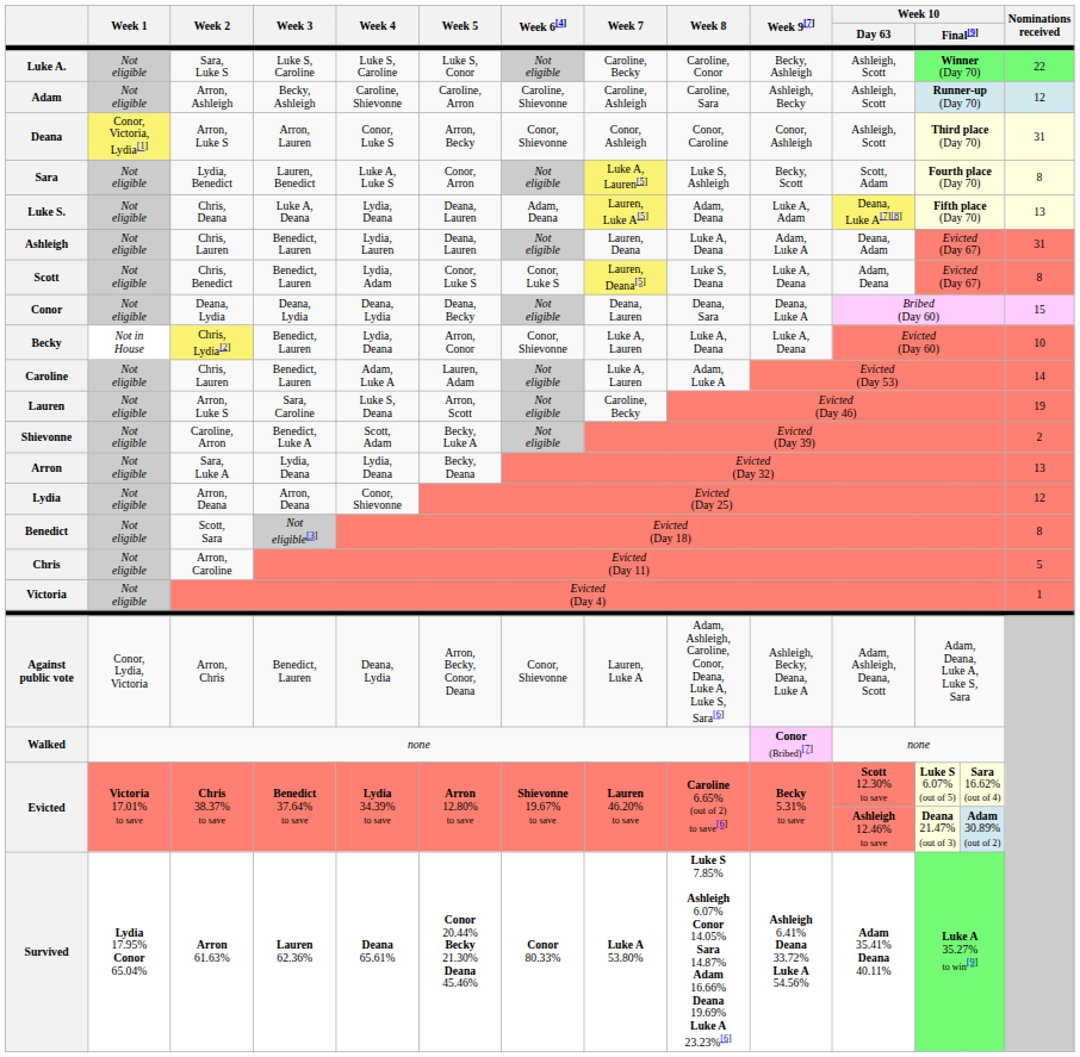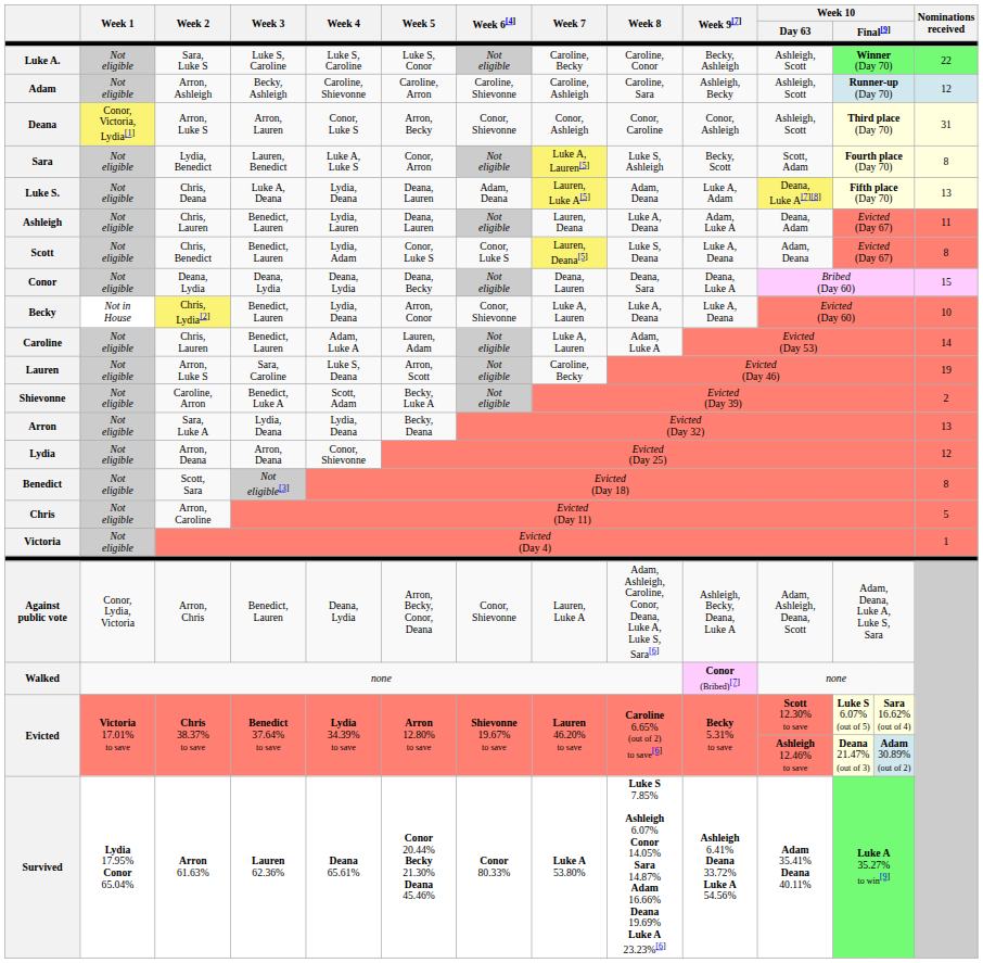 <table class="wikitable nowrap" style="text-align:center; width:100%; font-size:85%; line-height:15px;">
 <tr>
 <th style="width:7%" rowspan="2"></th>
 <th style="width:7%" rowspan="2">Week 1</th>
 <th style="width:7%" rowspan="2">Week 2</th>
 <th style="width:7%" rowspan="2">Week 3</th>
 <th style="width:7%" rowspan="2">Week 4</th>
 <th style="width:7%" rowspan="2">Week 5</th>
 <th style="width:7%" rowspan="2">Week 6<sup><a href='#'>[4</a>]</sup></th>
 <th style="width:7%" rowspan="2">Week 7</th>
 <th style="width:7%" rowspan="2">Week 8</th>
 <th style="width:7%" rowspan="2">Week 9<sup><a href='#'>[7</a>]</sup></th>
 <th style="width:7%" colspan="3">Week 10</th>
 <th style="width:1%" rowspan="2">Nominations<br>received</th>
 </tr>
 <tr>
 <th style="width:7%">Day 63</th>
 <th style="width:7%" colspan="2">Final<sup><a href='#'>[9</a>]</sup></th>
 </tr>
 <tr>
 <th style="background:#000" colspan="14"></th>
 </tr>
 <tr>
 <th>Luke A.</th>
 <td style="background:#ccc"><em>Not<br>eligible</em></td>
 <td>Sara,<br>Luke S</td>
 <td>Luke S,<br>Caroline</td>
 <td>Luke S,<br>Caroline</td>
 <td>Luke S,<br>Conor</td>
 <td style="background:#ccc"><em>Not<br>eligible</em></td>
 <td>Caroline,<br>Becky</td>
 <td>Caroline,<br>Conor</td>
 <td>Becky,<br>Ashleigh</td>
 <td>Ashleigh,<br>Scott</td>
 <td style="background:#73FB76" colspan="2"><strong>Winner</strong><br>(Day 70)</td>
 <td style="background:#73FB76">22</td>
 </tr>
 <tr>
 <th>Adam</th>
 <td style="background:#ccc"><em>Not<br>eligible</em></td>
 <td>Arron,<br>Ashleigh</td>
 <td>Becky,<br>Ashleigh</td>
 <td>Caroline,<br>Shievonne</td>
 <td>Caroline,<br>Arron</td>
 <td>Caroline,<br>Shievonne</td>
 <td>Caroline,<br>Ashleigh</td>
 <td>Caroline,<br>Sara</td>
 <td>Ashleigh,<br>Becky</td>
 <td>Ashleigh,<br>Scott</td>
 <td style="background:#D1E8EF" colspan="2"><strong>Runner-up</strong><br>(Day 70)</td>
 <td style="background:#D1E8EF">12</td>
 </tr>
 <tr>
 <th>Deana</th>
 <td style="background:#fbf373">Conor,<br>Victoria,<br>Lydia<sup><a href='#'>[1</a>]</sup></td>
 <td>Arron,<br>Luke S</td>
 <td>Arron,<br>Lauren</td>
 <td>Conor,<br>Luke S</td>
 <td>Arron,<br>Becky</td>
 <td>Conor,<br>Shievonne</td>
 <td>Conor,<br>Ashleigh</td>
 <td>Conor,<br>Caroline</td>
 <td>Conor,<br>Ashleigh</td>
 <td>Ashleigh,<br>Scott</td>
 <td style="background:#ffffdd" colspan="2"><strong>Third place</strong><br>(Day 70)</td>
 <td style="background:#ffffdd">31</td>
 </tr>
 <tr>
 <th>Sara</th>
 <td style="background:#ccc"><em>Not<br>eligible</em></td>
 <td>Lydia,<br>Benedict</td>
 <td>Lauren,<br>Benedict</td>
 <td>Luke A,<br>Luke S</td>
 <td>Conor,<br>Arron</td>
 <td style="background:#ccc"><em>Not<br>eligible</em></td>
 <td style="background:#FBF373">Luke A,<br>Lauren<sup><a href='#'>[5</a>]</sup></td>
 <td>Luke S,<br>Ashleigh</td>
 <td>Becky,<br>Scott</td>
 <td>Scott,<br>Adam</td>
 <td style="background:#ffffdd" colspan="2"><strong>Fourth place</strong><br>(Day 70)</td>
 <td style="background:#ffffdd">8</td>
 </tr>
 <tr>
 <th>Luke S.</th>
 <td style="background:#ccc"><em>Not<br>eligible</em></td>
 <td>Chris,<br>Deana</td>
 <td>Luke A,<br>Deana</td>
 <td>Lydia,<br>Deana</td>
 <td>Deana,<br>Lauren</td>
 <td>Adam,<br>Deana</td>
 <td style="background:#FBF373">Lauren,<br>Luke A<sup><a href='#'>[5</a>]</sup></td>
 <td>Adam,<br>Deana</td>
 <td>Luke A,<br>Adam</td>
 <td style="background:#FBF373">Deana,<br>Luke A<sup><a href='#'>[7</a>]<a href='#'>[8</a>]</sup></td>
 <td style="background:#ffffdd" colspan="2"><strong>Fifth place</strong><br>(Day 70)</td>
 <td style="background:#ffffdd">13</td>
 </tr>
 <tr>
 <th>Ashleigh</th>
 <td style="background:#ccc"><em>Not<br>eligible</em></td>
 <td>Chris,<br>Lauren</td>
 <td>Benedict,<br>Lauren</td>
 <td>Lydia,<br>Lauren</td>
 <td>Deana,<br>Lauren</td>
 <td style="background:#ccc"><em>Not<br>eligible</em></td>
 <td>Lauren,<br>Deana</td>
 <td>Luke A,<br>Deana</td>
 <td>Adam,<br>Luke A</td>
 <td>Deana,<br>Adam</td>
 <td style="background:#FF8072" colspan="2"><em>Evicted</em><br>(Day 67)</td>
-<td style="background:#FF8072">31</td>
+<td style="background:#FF8072">11</td>
 </tr>
 <tr>
 <th>Scott</th>
 <td style="background:#ccc"><em>Not<br>eligible</em></td>
 <td>Chris,<br>Benedict</td>
 <td>Benedict,<br>Lauren</td>
 <td>Lydia,<br>Adam</td>
 <td>Conor,<br>Luke S</td>
 <td>Conor,<br>Luke S</td>
 <td style="background:#FBF373">Lauren,<br>Deana<sup><a href='#'>[5</a>]</sup></td>
 <td>Luke S,<br>Deana</td>
 <td>Luke A,<br>Deana</td>
 <td>Adam,<br>Deana</td>
 <td style="background:#FF8072" colspan="2"><em>Evicted</em><br>(Day 67)</td>
 <td style="background:#FF8072">8</td>
 </tr>
 <tr>
 <th>Conor</th>
 <td style="background:#ccc"><em>Not<br>eligible</em></td>
 <td>Deana,<br>Lydia</td>
 <td>Deana,<br>Lydia</td>
 <td>Deana,<br>Lydia</td>
 <td>Deana,<br>Becky</td>
 <td style="background:#ccc"><em>Not<br>eligible</em></td>
 <td>Deana,<br>Lauren</td>
 <td>Deana,<br>Sara</td>
 <td>Deana,<br>Luke A</td>
 <td style="background:#fcf" colspan="3"><em>Bribed</em><br>(Day 60)</td>
 <td style="background:#fcf">15</td>
 </tr>
 <tr>
 <th>Becky</th>
 <td style="background:#fff"><em>Not in<br>House</em></td>
 <td style="background:#FBF373">Chris,<br>Lydia<sup><a href='#'>[2</a>]</sup></td>
 <td>Benedict,<br>Lauren</td>
 <td>Lydia,<br>Deana</td>
 <td>Arron,<br>Conor</td>
 <td>Conor,<br>Shievonne</td>
 <td>Luke A,<br>Lauren</td>
 <td>Luke A,<br>Deana</td>
 <td>Luke A,<br>Deana</td>
 <td style="background:#FF8072" colspan="3"><em>Evicted</em><br>(Day 60)</td>
 <td style="background:#FF8072">10</td>
 </tr>
 <tr>
 <th>Caroline</th>
 <td style="background:#ccc"><em>Not<br>eligible</em></td>
 <td>Chris,<br>Lauren</td>
 <td>Benedict,<br>Lauren</td>
 <td>Adam,<br>Luke A</td>
 <td>Lauren,<br>Adam</td>
 <td style="background:#ccc"><em>Not<br>eligible</em></td>
 <td>Luke A,<br>Lauren</td>
 <td>Adam,<br>Luke A</td>
 <td style="background:#FF8072" colspan="4"><em>Evicted</em><br>(Day 53)</td>
 <td style="background:#FF8072">14</td>
 </tr>
 <tr>
 <th>Lauren</th>
 <td style="background:#ccc"><em>Not<br>eligible</em></td>
 <td>Arron,<br>Luke S</td>
 <td>Sara,<br>Caroline</td>
 <td>Luke S,<br>Deana</td>
 <td>Arron,<br>Scott</td>
 <td style="background:#ccc"><em>Not<br>eligible</em></td>
 <td>Caroline,<br>Becky</td>
 <td style="background:#FF8072" colspan="5"><em>Evicted</em><br>(Day 46)</td>
 <td style="background:#FF8072">19</td>
 </tr>
 <tr>
 <th>Shievonne</th>
 <td style="background:#ccc"><em>Not<br>eligible</em></td>
 <td>Caroline,<br>Arron</td>
 <td>Benedict,<br>Luke A</td>
 <td>Scott,<br>Adam</td>
 <td>Becky,<br>Luke A</td>
 <td style="background:#ccc"><em>Not<br>eligible</em></td>
 <td style="background:#FF8072" colspan="6"><em>Evicted</em><br>(Day 39)</td>
 <td style="background:#FF8072">2</td>
 </tr>
 <tr>
 <th>Arron</th>
 <td style="background:#ccc"><em>Not<br>eligible</em></td>
 <td>Sara,<br>Luke A</td>
 <td>Lydia,<br>Deana</td>
 <td>Lydia,<br>Deana</td>
 <td>Becky,<br>Deana</td>
 <td style="background:#FF8072" colspan="7"><em>Evicted</em><br>(Day 32)</td>
 <td style="background:#FF8072">13</td>
 </tr>
 <tr>
 <th>Lydia</th>
 <td style="background:#ccc"><em>Not<br>eligible</em></td>
 <td>Arron,<br>Deana</td>
 <td>Arron,<br>Deana</td>
 <td>Conor,<br>Shievonne</td>
 <td style="background:#FF8072" colspan="8"><em>Evicted</em><br>(Day 25)</td>
 <td style="background:#FF8072">12</td>
 </tr>
 <tr>
 <th>Benedict</th>
 <td style="background:#ccc"><em>Not<br>eligible</em></td>
 <td>Scott,<br>Sara</td>
 <td style="background:#ccc"><em>Not<br>eligible</em><sup><a href='#'>[3</a>]</sup></td>
 <td style="background:#FF8072" colspan="9"><em>Evicted</em><br>(Day 18)</td>
 <td style="background:#FF8072">8</td>
 </tr>
 <tr>
 <th>Chris</th>
 <td style="background:#ccc"><em>Not<br>eligible</em></td>
 <td>Arron,<br>Caroline</td>
 <td style="background:#FF8072" colspan="10"><em>Evicted</em><br>(Day 11)</td>
 <td style="background:#FF8072">5</td>
 </tr>
 <tr>
 <th>Victoria</th>
 <td style="background:#ccc"><em>Not<br>eligible</em></td>
 <td style="background:#FF8072" colspan="11"><em>Evicted</em><br>(Day 4)</td>
 <td style="background:#FF8072">1</td>
 </tr>
 <tr>
 <th style="background:#000" colspan="14"></th>
 </tr>
 <tr>
 <th>Against<br>public vote</th>
 <td>Conor,<br>Lydia,<br>Victoria</td>
 <td>Arron,<br>Chris</td>
 <td>Benedict,<br>Lauren</td>
 <td>Deana,<br>Lydia</td>
 <td>Arron,<br>Becky,<br>Conor,<br>Deana</td>
 <td>Conor,<br>Shievonne</td>
 <td>Lauren,<br>Luke A</td>
 <td>Adam,<br>Ashleigh,<br>Caroline,<br>Conor,<br>Deana,<br>Luke A,<br>Luke S,<br>Sara<sup><a href='#'>[6</a>]</sup></td>
 <td>Ashleigh,<br>Becky,<br>Deana,<br>Luke A<br></td>
 <td>Adam,<br>Ashleigh,<br>Deana,<br>Scott</td>
 <td colspan="2">Adam,<br>Deana,<br>Luke A,<br>Luke S,<br>Sara</td>
 <td style="background:#ccc" rowspan="6"></td>
 </tr>
 <tr>
 <th>Walked</th>
 <td colspan="8"><em>none</em></td>
 <td style="background:#fcf"><strong>Conor</strong> <br><small>(Bribed)</small><sup><a href='#'>[7</a>]</sup></td>
 <td colspan="3"><em>none</em></td>
 </tr>
 <tr>
 <th rowspan="2">Evicted</th>
 <td style="background:#FF8072" rowspan="2"><strong>Victoria</strong><br>17.01%<br><small>to save</small></td>
 <td style="background:#ff8072" rowspan="2"><strong>Chris</strong><br>38.37%<br><small>to save</small></td>
 <td style="background:#ff8072" rowspan="2"><strong>Benedict</strong><br>37.64%<br><small>to save</small></td>
 <td style="background:#ff8072" rowspan="2"><strong>Lydia</strong><br>34.39%<br><small>to save</small></td>
 <td style="background:#ff8072" rowspan="2"><strong>Arron</strong><br>12.80%<small><br>to save</small></td>
 <td style="background:#ff8072" rowspan="2"><strong>Shievonne</strong><br>19.67%<small><br>to save</small></td>
 <td style="background:#ff8072" rowspan="2"><strong>Lauren</strong><br>46.20%<br><small>to save</small></td>
 <td style="background:#ff8072" rowspan="2"><strong>Caroline</strong><br>6.65%<br><small>(out of 2)<br>to save</small><sup><a href='#'>[6</a>]</sup></td>
 <td style="background:#ff8072" rowspan="2"><strong>Becky</strong><br>5.31%<br><small>to save</small></td>
 <td style="background:#ff8072"><strong>Scott</strong><br>12.30%<br><small>to save</small></td>
 <td style="background:#ffffdd"><strong>Luke S</strong><br>6.07%<br><small>(out of 5)</small></td>
 <td style="background:#ffffdd"><strong>Sara</strong><br>16.62%<br><small>(out of 4)</small></td>
 </tr>
 <tr>
 <td style="background:#ff8072"><strong>Ashleigh</strong><br>12.46%<br><small>to save</small></td>
 <td style="background:#ffffdd"><strong>Deana</strong><br>21.47%<small><br>(out of 3)</small></td>
 <td style="background:#D1E8EF"><strong>Adam</strong><br>30.89%<small><br>(out of 2)</small></td>
 </tr>
 <tr>
 <th>Survived</th>
 <td style="background:#fff"><strong>Lydia</strong><br>17.95%<br><strong>Conor</strong><br>65.04%</td>
 <td style="background:#fff"><strong>Arron</strong><br>61.63%</td>
 <td style="background:#fff"><strong>Lauren</strong><br>62.36%</td>
 <td style="background:#fff"><strong>Deana</strong><br>65.61%</td>
 <td style="background:#fff"><strong>Conor</strong><br>20.44%<br><strong>Becky</strong><br>21.30%<br><strong>Deana</strong><br>45.46%</td>
 <td style="background:#fff"><strong>Conor</strong><br>80.33%</td>
 <td style="background:#fff"><strong>Luke A</strong><br>53.80%</td>
 <td style="background:#fff"><strong>Luke S</strong><br>7.85%<br><br><strong>Ashleigh</strong><br>6.07%<br><strong>Conor</strong><br>14.05%<br><strong>Sara</strong><br>14.87%<br><strong>Adam</strong><br>16.66%<br><strong>Deana</strong><br>19.69%<br><strong>Luke A</strong><br>23.23%<sup><a href='#'>[6</a>]</sup></td>
 <td style="background:#fff"><strong>Ashleigh</strong><br>6.41%<br><strong>Deana</strong><br>33.72%<br><strong>Luke A</strong><br>54.56%</td>
 <td style="background:#fff"><strong>Adam</strong><br>35.41%<br><strong>Deana</strong><br>40.11%</td>
 <td style="background:#73FB76" colspan="2"><strong>Luke A</strong><br>35.27%<br><small>to win</small><sup><a href='#'>[9</a>]</sup></td>
 </tr>
 </table>
